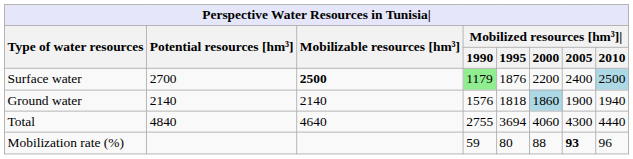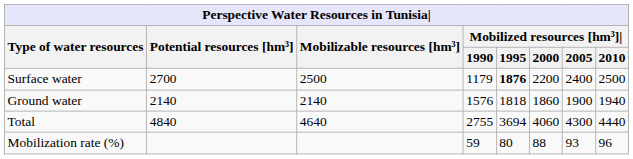 <table class="wikitable">
 <tr>
 <th style="background:#E6E6FA" colspan=8>Perspective Water Resources in Tunisia|</th>
 </tr>
 <tr>
 <th rowspan=2>Type of water resources<br></th>
 <th rowspan=2>Potential resources [hm³] <br></th>
 <th rowspan=2>Mobilizable resources [hm³]</th>
 <th colspan= 5>Mobilized resources [hm³]|</th>
 </tr>
 <tr>
 <th>1990</th>
 <th>1995</th>
 <th>2000</th>
 <th>2005</th>
 <th>2010</th>
 </tr>
 <tr>
 <td>Surface water</td>
 <td>2700</td>
-<td><strong>2500</strong></td>
-<td style="background: lightgreen;">1179</td>
-<td>1876</td>
+<td>2500</td>
+<td>1179</td>
+<td><strong>1876</strong></td>
 <td>2200</td>
 <td>2400</td>
-<td style="background: lightblue;">2500</td>
+<td>2500</td>
 </tr>
 <tr>
 <td>Ground water</td>
 <td>2140</td>
 <td>2140</td>
 <td>1576</td>
 <td>1818</td>
-<td style="background: lightblue;">1860</td>
+<td>1860</td>
 <td>1900</td>
 <td>1940</td>
 </tr>
 <tr>
 <td>Total</td>
 <td>4840</td>
 <td>4640</td>
 <td>2755</td>
 <td>3694</td>
 <td>4060</td>
 <td>4300</td>
 <td>4440</td>
 </tr>
 <tr>
 <td>Mobilization rate (%)</td>
 <td></td>
 <td></td>
 <td>59</td>
 <td>80</td>
 <td>88</td>
-<td><strong>93</strong></td>
+<td>93</td>
 <td>96</td>
 </tr>
 </table>
